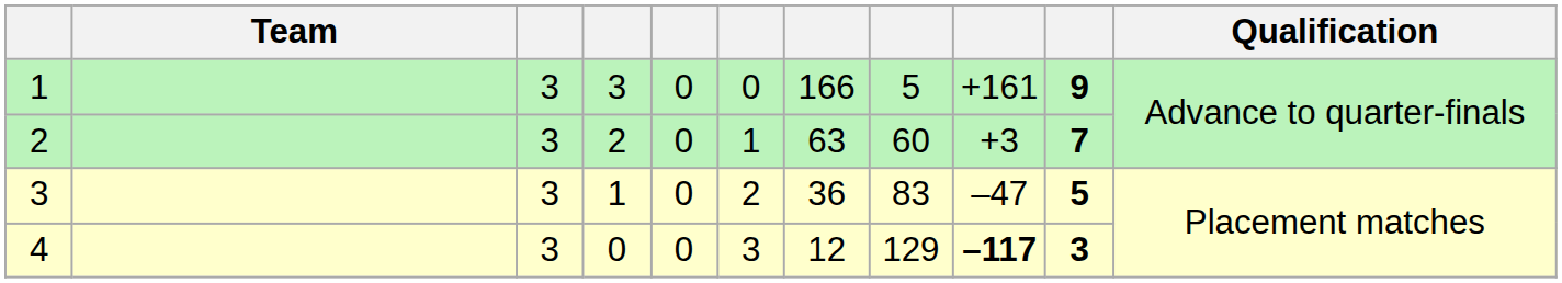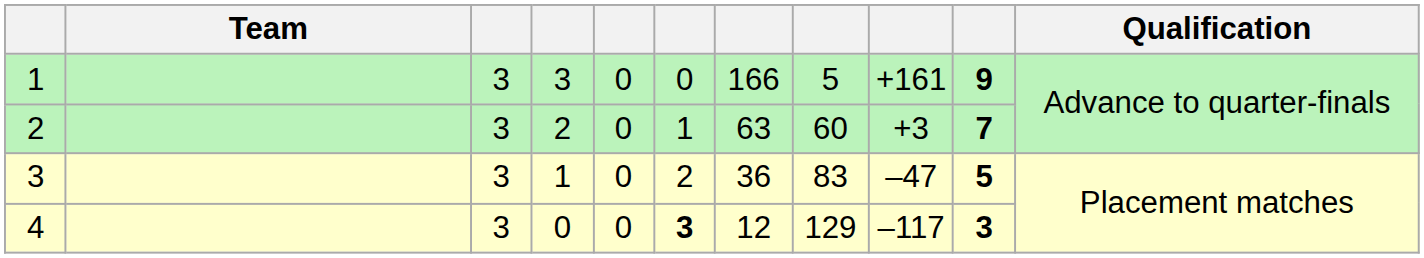 <table class="wikitable" style="text-align:center;">
 <tr>
 <th style="width:1.5em;"></th>
 <th style="width:12.5em">Team</th>
 <th style="width:1.5em;"></th>
 <th style="width:1.5em;"></th>
 <th style="width:1.5em;"></th>
 <th style="width:1.5em;"></th>
 <th style="width:2.0em;"></th>
 <th style="width:2.0em;"></th>
 <th style="width:2.0em;"></th>
 <th style="width:1.5em;"></th>
 <th style="width:12.5em">Qualification</th>
 </tr>
 <tr bgcolor="#bbf3bb">
 <td>1</td>
 <td align="left"></td>
 <td>3</td>
 <td>3</td>
 <td>0</td>
 <td>0</td>
 <td>166</td>
 <td>5</td>
 <td>+161</td>
 <td><strong>9</strong></td>
 <td bgcolor="#bbf3bb" rowspan=2>Advance to quarter-finals</td>
 </tr>
 <tr bgcolor="#bbf3bb">
 <td>2</td>
 <td align="left"></td>
 <td>3</td>
 <td>2</td>
 <td>0</td>
 <td>1</td>
 <td>63</td>
 <td>60</td>
 <td>+3</td>
 <td><strong>7</strong></td>
 </tr>
 <tr bgcolor="#ffffcc">
 <td>3</td>
 <td align="left"></td>
 <td>3</td>
 <td>1</td>
 <td>0</td>
 <td>2</td>
 <td>36</td>
 <td>83</td>
 <td>–47</td>
 <td><strong>5</strong></td>
 <td bgcolor="#ffffcc" rowspan=2>Placement matches</td>
 </tr>
 <tr bgcolor="#ffffcc">
 <td>4</td>
 <td align="left"></td>
 <td>3</td>
 <td>0</td>
 <td>0</td>
-<td>3</td>
+<td><strong>3</strong></td>
 <td>12</td>
 <td>129</td>
-<td><strong>–117</strong></td>
+<td>–117</td>
 <td><strong>3</strong></td>
 </tr>
 </table>
